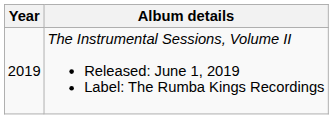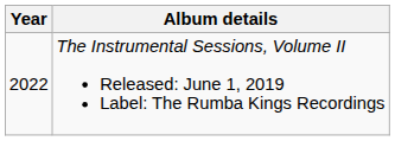 <table class="wikitable">
 <tr>
 <th>Year</th>
 <th>Album details</th>
 </tr>
 <tr>
-<td>2019</td>
+<td>2022</td>
 <td><em>The Instrumental Sessions, Volume II</em><br><ul><li>Released: June 1, 2019</li><li>Label: The Rumba Kings Recordings</li></ul></td>
 </tr>
 </table>
